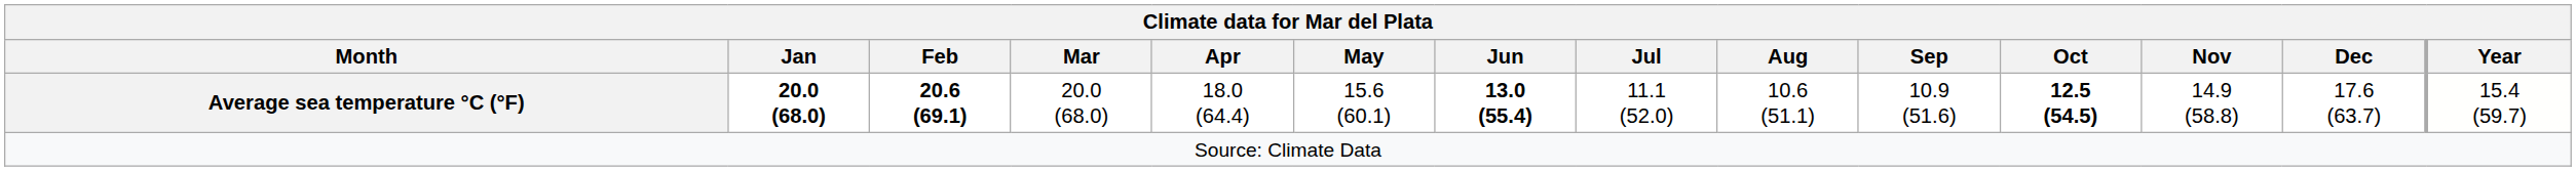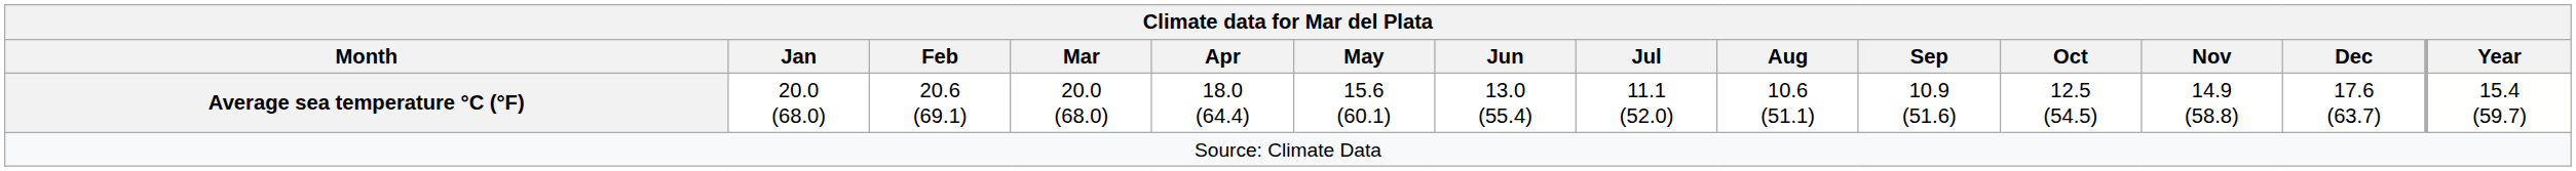 <table style="width:100%;text-align:center;line-height:1.2em;margin-left:auto;margin-right:auto" class="wikitable mw-collapsible">
 <tr>
 <th Colspan=14>Climate data for Mar del Plata</th>
 </tr>
 <tr>
 <th>Month</th>
 <th>Jan</th>
 <th>Feb</th>
 <th>Mar</th>
 <th>Apr</th>
 <th>May</th>
 <th>Jun</th>
 <th>Jul</th>
 <th>Aug</th>
 <th>Sep</th>
 <th>Oct</th>
 <th>Nov</th>
 <th>Dec</th>
 <th style="border-left-width:medium">Year</th>
 </tr>
 <tr>
 <th>Average sea temperature °C (°F)</th>
-<td style="background:#FFFFFF;color:#000000;"><strong>20.0<br>(68.0)</strong></td>
-<td style="background:#FFFFFF;color:#000000;"><strong>20.6<br>(69.1)</strong></td>
+<td style="background:#FFFFFF;color:#000000;">20.0<br>(68.0)</td>
+<td style="background:#FFFFFF;color:#000000;">20.6<br>(69.1)</td>
 <td style="background:#FFFFFF;color:#000000;">20.0<br>(68.0)</td>
 <td style="background:#FFFFFF;color:#000000;">18.0<br>(64.4)</td>
 <td style="background:#FFFFFF;color:#000000;">15.6<br>(60.1)</td>
-<td style="background:#FFFFFF;color:#000000;"><strong>13.0<br>(55.4)</strong></td>
+<td style="background:#FFFFFF;color:#000000;">13.0<br>(55.4)</td>
 <td style="background:#FFFFFF;color:#000000;">11.1<br>(52.0)</td>
 <td style="background:#FFFFFF;color:#000000;">10.6<br>(51.1)</td>
 <td style="background:#FFFFFF;color:#000000;">10.9<br>(51.6)</td>
-<td style="background:#FFFFFF;color:#000000;"><strong>12.5<br>(54.5)</strong></td>
+<td style="background:#FFFFFF;color:#000000;">12.5<br>(54.5)</td>
 <td style="background:#FFFFFF;color:#000000;">14.9<br>(58.8)</td>
 <td style="background:#FFFFFF;color:#000000;">17.6<br>(63.7)</td>
 <td style="background:#FFFFFD;color:#000000;border-left-width:medium">15.4<br>(59.7)</td>
 </tr>
 <tr>
 <th Colspan=14 style="background:#f8f9fa;font-weight:normal;font-size:95%;">Source: Climate Data<br></th>
 </tr>
 </table>
